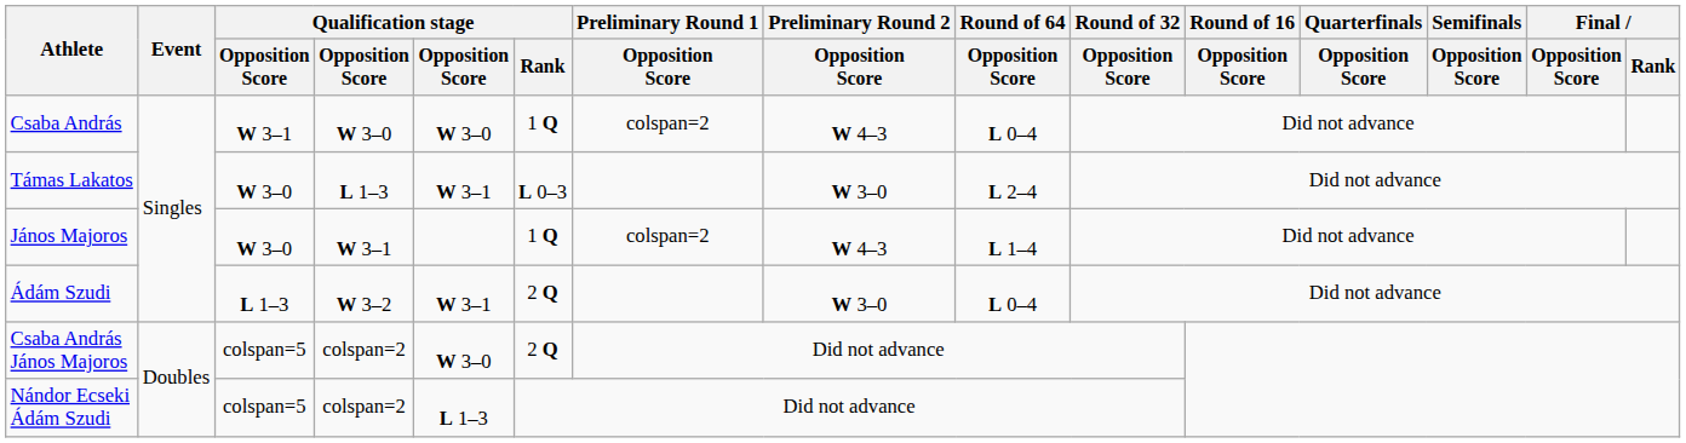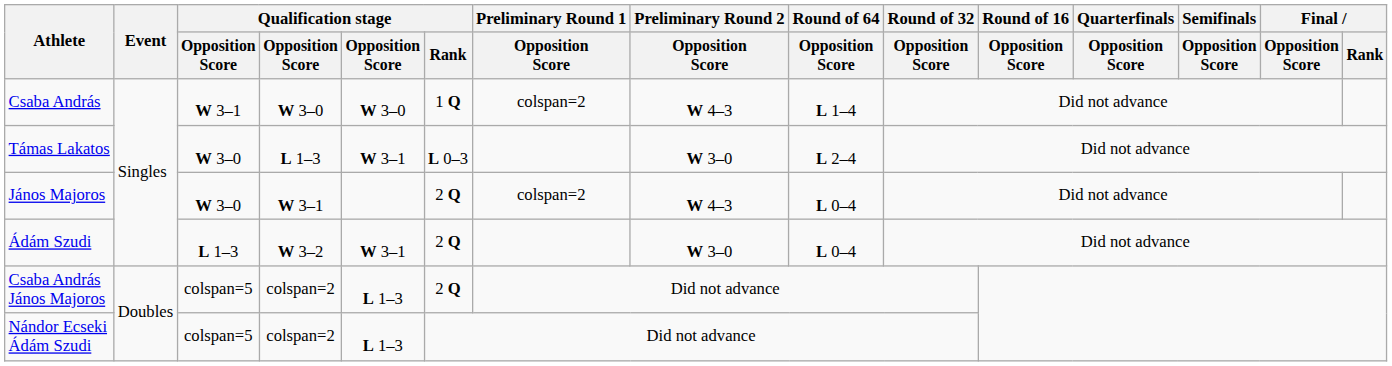 <table class=wikitable style=font-size:80%;text-align:center>
 <tr>
 <th rowspan=2>Athlete</th>
 <th rowspan=2>Event</th>
 <th colspan=4>Qualification stage</th>
 <th>Preliminary Round 1</th>
 <th>Preliminary Round 2</th>
 <th>Round of 64</th>
 <th>Round of 32</th>
 <th>Round of 16</th>
 <th>Quarterfinals</th>
 <th>Semifinals</th>
 <th colspan=2>Final / </th>
 </tr>
 <tr style=font-size:95%>
 <th>Opposition<br>Score</th>
 <th>Opposition<br>Score</th>
 <th>Opposition<br>Score</th>
 <th>Rank</th>
 <th>Opposition<br>Score</th>
 <th>Opposition<br>Score</th>
 <th>Opposition<br>Score</th>
 <th>Opposition<br>Score</th>
 <th>Opposition<br>Score</th>
 <th>Opposition<br>Score</th>
 <th>Opposition<br>Score</th>
 <th>Opposition<br>Score</th>
 <th>Rank</th>
 </tr>
 <tr align=center>
 <td align=left><a href='#'>Csaba András</a></td>
 <td align=left rowspan=4>Singles</td>
 <td><br><strong>W</strong> 3–1</td>
 <td><br><strong>W</strong> 3–0</td>
 <td><br><strong>W</strong> 3–0</td>
 <td>1 <strong>Q</strong></td>
 <td>colspan=2</td>
 <td><br><strong>W</strong> 4–3</td>
-<td><br><strong>L</strong> 0–4</td>
+<td><br><strong>L</strong> 1–4</td>
 <td colspan=5>Did not advance</td>
 </tr>
 <tr align=center>
 <td align=left><a href='#'>Támas Lakatos</a></td>
 <td><br><strong>W</strong> 3–0</td>
 <td><br><strong>L</strong> 1–3</td>
 <td><br><strong>W</strong> 3–1</td>
 <td><br><strong>L</strong> 0–3</td>
 <td></td>
 <td><br><strong>W</strong> 3–0</td>
 <td><br><strong>L</strong> 2–4</td>
 <td colspan=6>Did not advance</td>
 </tr>
 <tr align=center>
 <td align=left><a href='#'>János Majoros</a></td>
 <td><br><strong>W</strong> 3–0</td>
 <td><br><strong>W</strong> 3–1</td>
 <td></td>
-<td>1 <strong>Q</strong></td>
+<td>2 <strong>Q</strong></td>
 <td>colspan=2</td>
 <td><br><strong>W</strong> 4–3</td>
-<td><br><strong>L</strong> 1–4</td>
+<td><br><strong>L</strong> 0–4</td>
 <td colspan=5>Did not advance</td>
 </tr>
 <tr align=center>
 <td align=left><a href='#'>Ádám Szudi</a></td>
 <td><br><strong>L</strong> 1–3</td>
 <td><br><strong>W</strong> 3–2</td>
 <td><br><strong>W</strong> 3–1</td>
 <td>2 <strong>Q</strong></td>
 <td></td>
 <td><br><strong>W</strong> 3–0</td>
 <td><br><strong>L</strong> 0–4</td>
 <td colspan=6>Did not advance</td>
 </tr>
 <tr align=center>
 <td align=left><a href='#'>Csaba András</a><br><a href='#'>János Majoros</a></td>
 <td align=left rowspan=2>Doubles</td>
 <td>colspan=5</td>
 <td>colspan=2</td>
-<td><br><strong>W</strong> 3–0</td>
+<td><br><strong>L</strong> 1–3</td>
 <td>2 <strong>Q</strong></td>
 <td colspan=4>Did not advance</td>
 </tr>
 <tr align=center>
 <td align=left><a href='#'>Nándor Ecseki</a><br><a href='#'>Ádám Szudi</a></td>
 <td>colspan=5</td>
 <td>colspan=2</td>
 <td><br><strong>L</strong> 1–3</td>
 <td colspan=5>Did not advance</td>
 </tr>
 </table>
